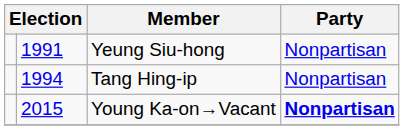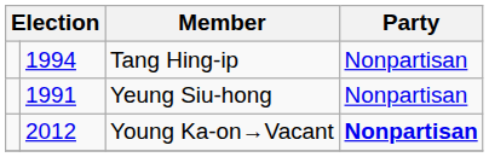 <table class="wikitable">
 <tr>
 <th colspan="2">Election</th>
 <th>Member</th>
 <th>Party</th>
+</tr>
+<tr>
+<td style="color:inherit;background:"></td>
+<td><a href='#'>1994</a></td>
+<td>Tang Hing-ip</td>
+<td><a href='#'>Nonpartisan</a></td>
 </tr>
 <tr>
 <td style="color:inherit;background:"></td>
 <td><a href='#'>1991</a></td>
 <td>Yeung Siu-hong</td>
 <td><a href='#'>Nonpartisan</a></td>
 </tr>
 <tr>
 <td style="color:inherit;background:"></td>
-<td><a href='#'>1994</a></td>
-<td>Tang Hing-ip</td>
-<td><a href='#'>Nonpartisan</a></td>
-</tr>
-<tr>
-<td style="color:inherit;background:"></td>
-<td><a href='#'>2015</a></td>
+<td><a href='#'>2012</a></td>
 <td>Young Ka-on→Vacant</td>
 <td><strong><a href='#'>Nonpartisan</a></strong></td>
 </tr>
 <tr>
 </tr>
 </table>
